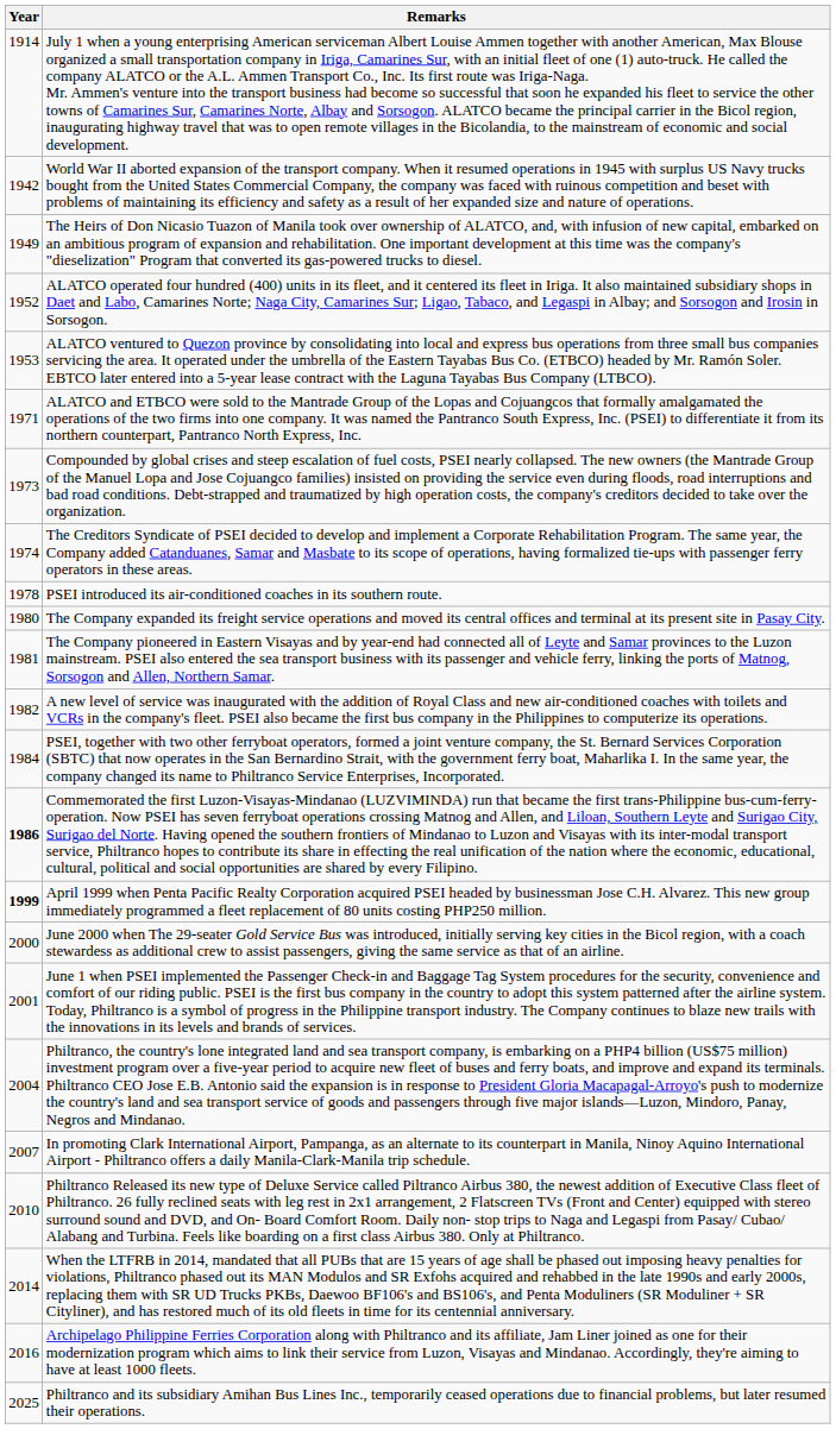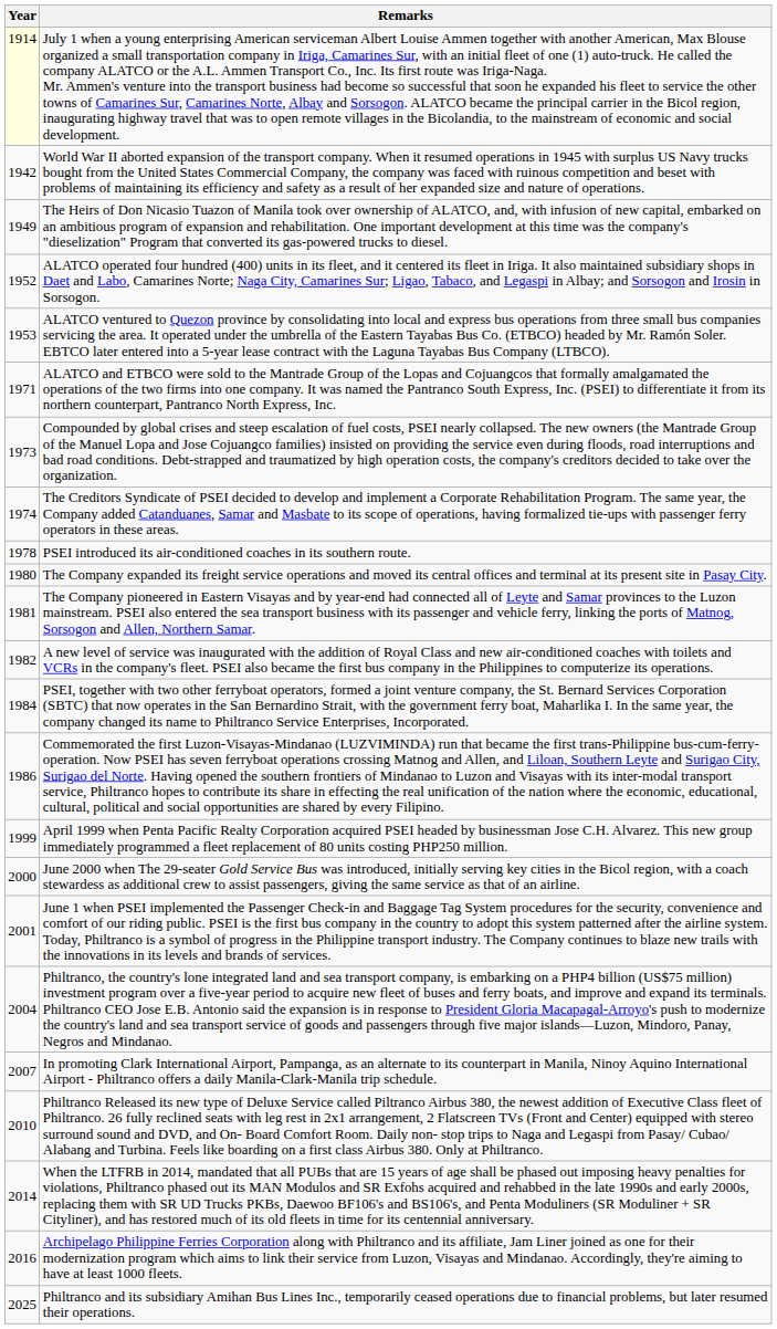 <table class="wikitable">
 <tr>
 <th>Year</th>
 <th>Remarks</th>
 </tr>
 <tr valign="top">
-<td>1914</td>
+<td style="background: lightyellow;">1914</td>
 <td>July 1 when a young enterprising American serviceman Albert Louise Ammen together with another American, Max Blouse organized a small transportation company in <a href='#'>Iriga, Camarines Sur</a>, with an initial fleet of one (1) auto-truck. He called the company ALATCO or the A.L. Ammen Transport Co., Inc. Its first route was Iriga-Naga.<br>Mr. Ammen's venture into the transport business had become so successful that soon he expanded his fleet to service the other towns of <a href='#'>Camarines Sur</a>, <a href='#'>Camarines Norte</a>, <a href='#'>Albay</a> and <a href='#'>Sorsogon</a>. ALATCO became the principal carrier in the Bicol region, inaugurating highway travel that was to open remote villages in the Bicolandia, to the mainstream of economic and social development.</td>
 </tr>
 <tr>
 <td>1942</td>
 <td>World War II aborted expansion of the transport company. When it resumed operations in 1945 with surplus US Navy trucks bought from the United States Commercial Company, the company was faced with ruinous competition and beset with problems of maintaining its efficiency and safety as a result of her expanded size and nature of operations.</td>
 </tr>
 <tr>
 <td>1949</td>
 <td>The Heirs of Don Nicasio Tuazon of Manila took over ownership of ALATCO, and, with infusion of new capital, embarked on an ambitious program of expansion and rehabilitation. One important development at this time was the company's "dieselization" Program that converted its gas-powered trucks to diesel.</td>
 </tr>
 <tr>
 <td>1952</td>
 <td>ALATCO operated four hundred (400) units in its fleet, and it centered its fleet in Iriga. It also maintained subsidiary shops in <a href='#'>Daet</a> and <a href='#'>Labo</a>, Camarines Norte; <a href='#'>Naga City, Camarines Sur</a>; <a href='#'>Ligao</a>, <a href='#'>Tabaco</a>, and <a href='#'>Legaspi</a> in Albay; and <a href='#'>Sorsogon</a> and <a href='#'>Irosin</a> in Sorsogon.</td>
 </tr>
 <tr>
 <td>1953</td>
 <td>ALATCO ventured to <a href='#'>Quezon</a> province by consolidating into local and express bus operations from three small bus companies servicing the area. It operated under the umbrella of the Eastern Tayabas Bus Co. (ETBCO) headed by Mr. Ramón Soler. EBTCO later entered into a 5-year lease contract with the Laguna Tayabas Bus Company (LTBCO).</td>
 </tr>
 <tr>
 <td>1971</td>
 <td>ALATCO and ETBCO were sold to the Mantrade Group of the Lopas and Cojuangcos that formally amalgamated the operations of the two firms into one company. It was named the Pantranco South Express, Inc. (PSEI) to differentiate it from its northern counterpart, Pantranco North Express, Inc.</td>
 </tr>
 <tr>
 <td>1973</td>
 <td>Compounded by global crises and steep escalation of fuel costs, PSEI nearly collapsed. The new owners (the Mantrade Group of the Manuel Lopa and Jose Cojuangco families) insisted on providing the service even during floods, road interruptions and bad road conditions. Debt-strapped and traumatized by high operation costs, the company's creditors decided to take over the organization.</td>
 </tr>
 <tr>
 <td>1974</td>
 <td>The Creditors Syndicate of PSEI decided to develop and implement a Corporate Rehabilitation Program. The same year, the Company added <a href='#'>Catanduanes</a>, <a href='#'>Samar</a> and <a href='#'>Masbate</a> to its scope of operations, having formalized tie-ups with passenger ferry operators in these areas.</td>
 </tr>
 <tr>
 <td>1978</td>
 <td>PSEI introduced its air-conditioned coaches in its southern route.</td>
 </tr>
 <tr>
 <td>1980</td>
 <td>The Company expanded its freight service operations and moved its central offices and terminal at its present site in <a href='#'>Pasay City</a>.</td>
 </tr>
 <tr>
 <td>1981</td>
 <td>The Company pioneered in Eastern Visayas and by year-end had connected all of <a href='#'>Leyte</a> and <a href='#'>Samar</a> provinces to the Luzon mainstream. PSEI also entered the sea transport business with its passenger and vehicle ferry, linking the ports of <a href='#'>Matnog, Sorsogon</a> and <a href='#'>Allen, Northern Samar</a>.</td>
 </tr>
 <tr>
 <td>1982</td>
 <td>A new level of service was inaugurated with the addition of Royal Class and new air-conditioned coaches with toilets and <a href='#'>VCRs</a> in the company's fleet. PSEI also became the first bus company in the Philippines to computerize its operations.</td>
 </tr>
 <tr>
 <td>1984</td>
 <td>PSEI, together with two other ferryboat operators, formed a joint venture company, the St. Bernard Services Corporation (SBTC) that now operates in the San Bernardino Strait, with the government ferry boat, Maharlika I. In the same year, the company changed its name to Philtranco Service Enterprises, Incorporated.</td>
 </tr>
 <tr>
-<td><strong>1986</strong></td>
+<td>1986</td>
 <td>Commemorated the first Luzon-Visayas-Mindanao (LUZVIMINDA) run that became the first trans-Philippine bus-cum-ferry-operation. Now PSEI has seven ferryboat operations crossing Matnog and Allen, and <a href='#'>Liloan, Southern Leyte</a> and <a href='#'>Surigao City, Surigao del Norte</a>. Having opened the southern frontiers of Mindanao to Luzon and Visayas with its inter-modal transport service, Philtranco hopes to contribute its share in effecting the real unification of the nation where the economic, educational, cultural, political and social opportunities are shared by every Filipino.</td>
 </tr>
 <tr>
-<td><strong>1999</strong></td>
+<td>1999</td>
 <td>April 1999 when Penta Pacific Realty Corporation acquired PSEI headed by businessman Jose C.H. Alvarez. This new group immediately programmed a fleet replacement of 80 units costing PHP250 million.</td>
 </tr>
 <tr>
 <td>2000</td>
 <td>June 2000 when The 29-seater <em>Gold Service Bus</em> was introduced, initially serving key cities in the Bicol region, with a coach stewardess as additional crew to assist passengers, giving the same service as that of an airline.</td>
 </tr>
 <tr>
 <td>2001</td>
 <td>June 1 when PSEI implemented the Passenger Check-in and Baggage Tag System procedures for the security, convenience and comfort of our riding public. PSEI is the first bus company in the country to adopt this system patterned after the airline system. Today, Philtranco is a symbol of progress in the Philippine transport industry. The Company continues to blaze new trails with the innovations in its levels and brands of services.</td>
 </tr>
 <tr>
 <td>2004</td>
 <td>Philtranco, the country's lone integrated land and sea transport company, is embarking on a PHP4 billion (US$75 million) investment program over a five-year period to acquire new fleet of buses and ferry boats, and improve and expand its terminals. Philtranco CEO Jose E.B. Antonio said the expansion is in response to <a href='#'>President Gloria Macapagal-Arroyo</a>'s push to modernize the country's land and sea transport service of goods and passengers through five major islands—Luzon, Mindoro, Panay, Negros and Mindanao.</td>
 </tr>
 <tr>
 <td>2007</td>
 <td>In promoting Clark International Airport, Pampanga, as an alternate to its counterpart in Manila, Ninoy Aquino International Airport - Philtranco offers a daily Manila-Clark-Manila trip schedule.</td>
 </tr>
 <tr>
 <td>2010</td>
 <td>Philtranco Released its new type of Deluxe Service called Piltranco Airbus 380, the newest addition of Executive Class fleet of Philtranco. 26 fully reclined seats with leg rest in 2x1 arrangement, 2 Flatscreen TVs (Front and Center) equipped with stereo surround sound and DVD, and On- Board Comfort Room. Daily non- stop trips to Naga and Legaspi from Pasay/ Cubao/ Alabang and Turbina. Feels like boarding on a first class Airbus 380. Only at Philtranco.</td>
 </tr>
 <tr>
 <td>2014</td>
 <td>When the LTFRB in 2014, mandated that all PUBs that are 15 years of age shall be phased out imposing heavy penalties for violations, Philtranco phased out its MAN Modulos and SR Exfohs acquired and rehabbed in the late 1990s and early 2000s, replacing them with SR UD Trucks PKBs, Daewoo BF106's and BS106's, and Penta Moduliners (SR Moduliner + SR Cityliner), and has restored much of its old fleets in time for its centennial anniversary.</td>
 </tr>
 <tr>
 <td>2016</td>
 <td><a href='#'>Archipelago Philippine Ferries Corporation</a> along with Philtranco and its affiliate, Jam Liner joined as one for their modernization program which aims to link their service from Luzon, Visayas and Mindanao. Accordingly, they're aiming to have at least 1000 fleets.</td>
 </tr>
 <tr>
 <td>2025</td>
 <td>Philtranco and its subsidiary Amihan Bus Lines Inc., temporarily ceased operations due to financial problems, but later resumed their operations.</td>
 </tr>
 </table>
